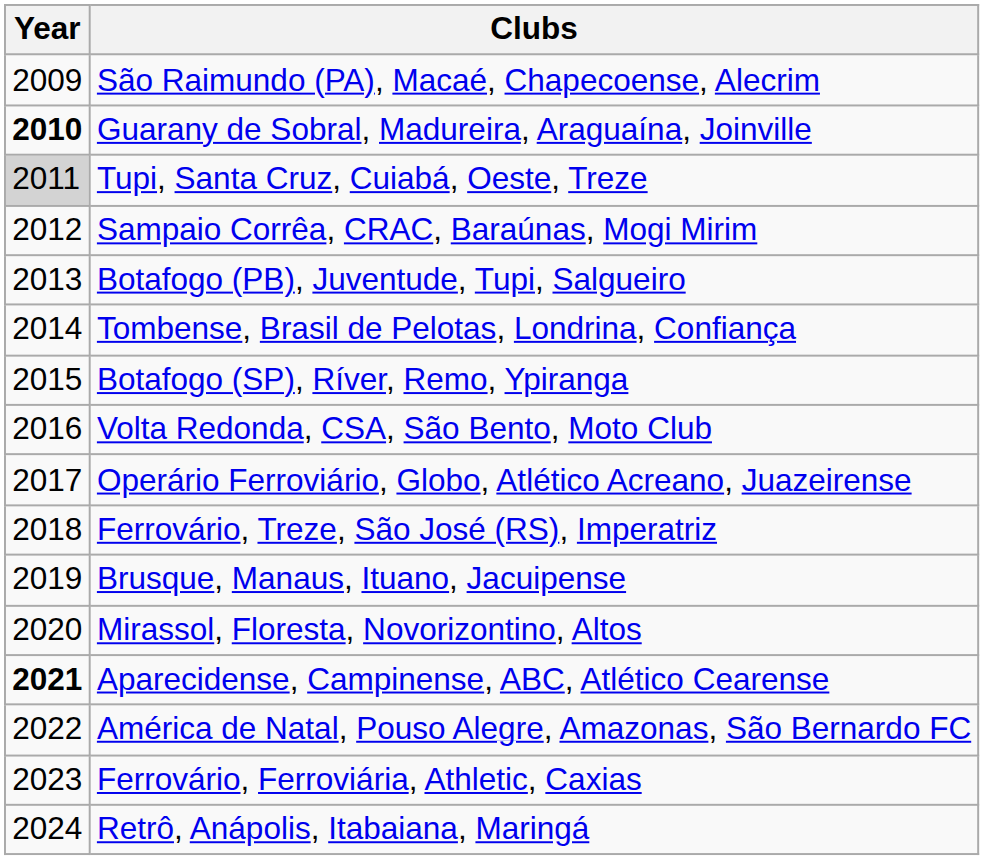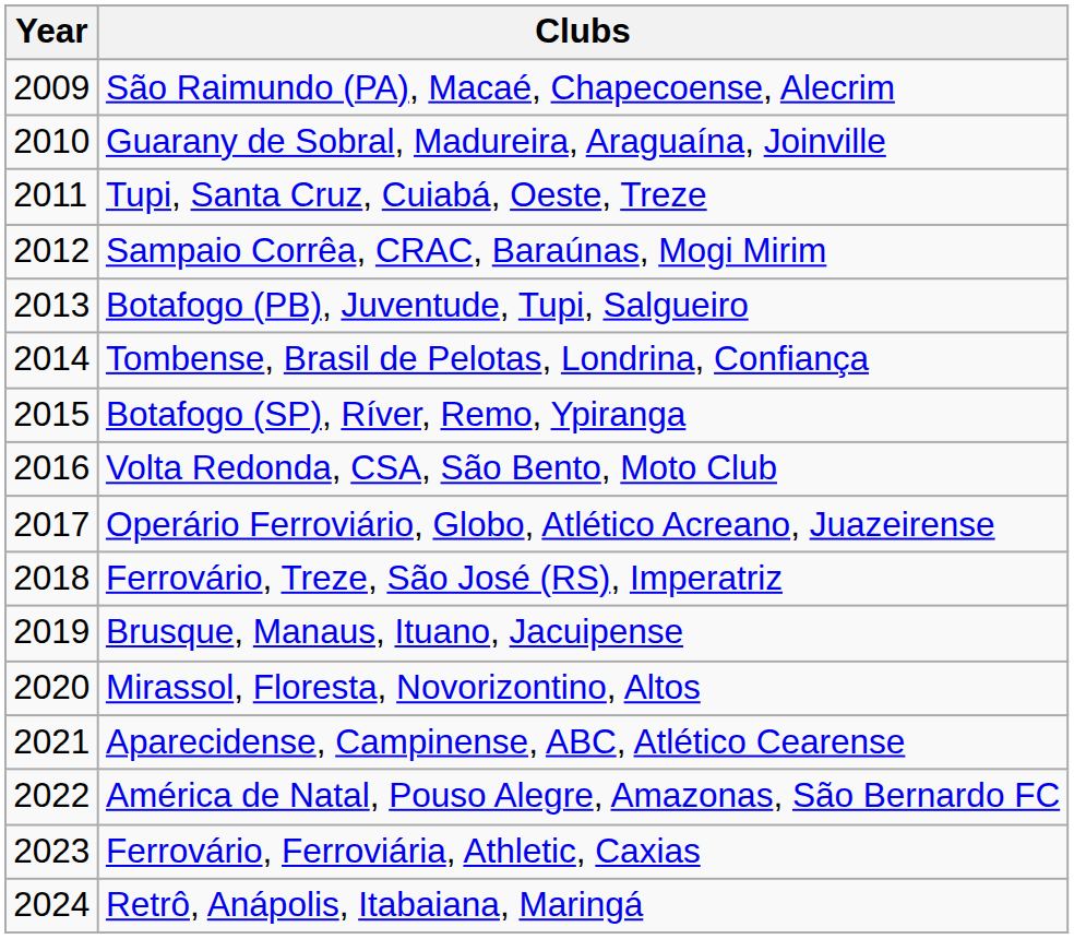 <table class="wikitable">
 <tr>
 <th>Year</th>
 <th>Clubs</th>
 </tr>
 <tr>
 <td>2009</td>
 <td><a href='#'>São Raimundo (PA)</a>, <a href='#'>Macaé</a>, <a href='#'>Chapecoense</a>, <a href='#'>Alecrim</a></td>
 </tr>
 <tr>
-<td><strong>2010</strong></td>
+<td>2010</td>
 <td><a href='#'>Guarany de Sobral</a>, <a href='#'>Madureira</a>, <a href='#'>Araguaína</a>, <a href='#'>Joinville</a></td>
 </tr>
 <tr>
-<td style="background: lightgrey;">2011</td>
+<td>2011</td>
 <td><a href='#'>Tupi</a>, <a href='#'>Santa Cruz</a>, <a href='#'>Cuiabá</a>, <a href='#'>Oeste</a>, <a href='#'>Treze</a></td>
 </tr>
 <tr>
 <td>2012</td>
 <td><a href='#'>Sampaio Corrêa</a>, <a href='#'>CRAC</a>, <a href='#'>Baraúnas</a>, <a href='#'>Mogi Mirim</a></td>
 </tr>
 <tr>
 <td>2013</td>
 <td><a href='#'>Botafogo (PB)</a>, <a href='#'>Juventude</a>, <a href='#'>Tupi</a>, <a href='#'>Salgueiro</a></td>
 </tr>
 <tr>
 <td>2014</td>
 <td><a href='#'>Tombense</a>, <a href='#'>Brasil de Pelotas</a>, <a href='#'>Londrina</a>, <a href='#'>Confiança</a></td>
 </tr>
 <tr>
 <td>2015</td>
 <td><a href='#'>Botafogo (SP)</a>, <a href='#'>Ríver</a>, <a href='#'>Remo</a>, <a href='#'>Ypiranga</a></td>
 </tr>
 <tr>
 <td>2016</td>
 <td><a href='#'>Volta Redonda</a>, <a href='#'>CSA</a>, <a href='#'>São Bento</a>, <a href='#'>Moto Club</a></td>
 </tr>
 <tr>
 <td>2017</td>
 <td><a href='#'>Operário Ferroviário</a>, <a href='#'>Globo</a>, <a href='#'>Atlético Acreano</a>, <a href='#'>Juazeirense</a></td>
 </tr>
 <tr>
 <td>2018</td>
 <td><a href='#'>Ferrovário</a>, <a href='#'>Treze</a>, <a href='#'>São José (RS)</a>, <a href='#'>Imperatriz</a></td>
 </tr>
 <tr>
 <td>2019</td>
 <td><a href='#'>Brusque</a>, <a href='#'>Manaus</a>, <a href='#'>Ituano</a>, <a href='#'>Jacuipense</a></td>
 </tr>
 <tr>
 <td>2020</td>
 <td><a href='#'>Mirassol</a>, <a href='#'>Floresta</a>, <a href='#'>Novorizontino</a>, <a href='#'>Altos</a></td>
 </tr>
 <tr>
-<td><strong>2021</strong></td>
+<td>2021</td>
 <td><a href='#'>Aparecidense</a>, <a href='#'>Campinense</a>, <a href='#'>ABC</a>, <a href='#'>Atlético Cearense</a></td>
 </tr>
 <tr>
 <td>2022</td>
 <td><a href='#'>América de Natal</a>, <a href='#'>Pouso Alegre</a>, <a href='#'>Amazonas</a>, <a href='#'>São Bernardo FC</a></td>
 </tr>
 <tr>
 <td>2023</td>
 <td><a href='#'>Ferrovário</a>, <a href='#'>Ferroviária</a>, <a href='#'>Athletic</a>, <a href='#'>Caxias</a></td>
 </tr>
 <tr>
 <td>2024</td>
 <td><a href='#'>Retrô</a>, <a href='#'>Anápolis</a>, <a href='#'>Itabaiana</a>, <a href='#'>Maringá</a></td>
 </tr>
 </table>
